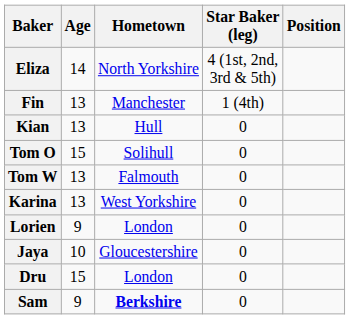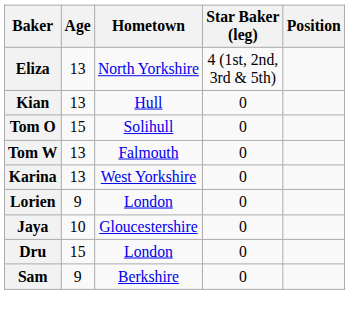 <table class="wikitable sortable" style="display:inline-table; text-align:center">
 <tr>
 <th scope="col">Baker</th>
 <th scope="col">Age</th>
 <th scope="col">Hometown</th>
 <th scope="col">Star Baker<br>(leg)</th>
 <th scope="col">Position</th>
 </tr>
 <tr>
 <th scope="row">Eliza</th>
-<td>14</td>
+<td>13</td>
 <td><a href='#'>North Yorkshire</a></td>
 <td>4 (1st, 2nd,<br>3rd & 5th)</td>
-<td></td>
-</tr>
-<tr>
-<th scope="row">Fin</th>
-<td>13</td>
-<td><a href='#'>Manchester</a></td>
-<td>1 (4th)</td>
 <td></td>
 </tr>
 <tr>
 <th scope="row">Kian</th>
 <td>13</td>
 <td><a href='#'>Hull</a></td>
 <td>0</td>
 <td></td>
 </tr>
 <tr>
 <th scope="row">Tom O</th>
 <td>15</td>
 <td><a href='#'>Solihull</a></td>
 <td>0</td>
 <td></td>
 </tr>
 <tr>
 <th scope="row">Tom W</th>
 <td>13</td>
 <td><a href='#'>Falmouth</a></td>
 <td>0</td>
 <td></td>
 </tr>
 <tr>
 <th scope="row">Karina</th>
 <td>13</td>
 <td><a href='#'>West Yorkshire</a></td>
 <td>0</td>
 <td></td>
 </tr>
 <tr>
 <th scope="row">Lorien</th>
 <td>9</td>
 <td><a href='#'>London</a></td>
 <td>0</td>
 <td></td>
 </tr>
 <tr>
 <th scope="row">Jaya</th>
 <td>10</td>
 <td><a href='#'>Gloucestershire</a></td>
 <td>0</td>
 <td></td>
 </tr>
 <tr>
 <th scope="row">Dru</th>
 <td>15</td>
 <td><a href='#'>London</a></td>
 <td>0</td>
 <td></td>
 </tr>
 <tr>
 <th scope="row">Sam</th>
 <td>9</td>
-<td><strong><a href='#'>Berkshire</a></strong></td>
+<td><a href='#'>Berkshire</a></td>
 <td>0</td>
 <td></td>
 </tr>
 </table>
